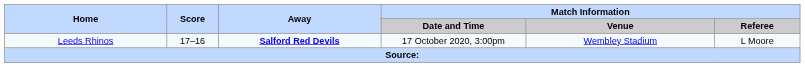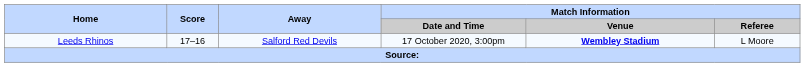 <table border=1 style="border-collapse:collapse; font-size:90%; text-align:center"; cellpadding=3 cellspacing=0 width=100%>
 <tr bgcolor="#c1d8ff">
 <th rowspan=2 width=19%>Home</th>
 <th rowspan=2 width=6%>Score</th>
 <th rowspan=2 width=19%>Away</th>
 <th colspan=6>Match Information</th>
 </tr>
 <tr bgcolor="#cccccc">
 <th width=17%>Date and Time</th>
 <th width=22%>Venue</th>
 <th width=10%>Referee</th>
 </tr>
 <tr bgcolor=#f5faff>
 <td> <a href='#'>Leeds Rhinos</a></td>
 <td>17–16</td>
-<td><strong> <a href='#'>Salford Red Devils</a></strong></td>
+<td> <a href='#'>Salford Red Devils</a></td>
 <td>17 October 2020, 3:00pm</td>
-<td><a href='#'>Wembley Stadium</a></td>
+<td><strong><a href='#'>Wembley Stadium</a></strong></td>
 <td>L Moore</td>
 </tr>
 <tr bgcolor=#c1d8ff>
 <th colspan=6>Source:</th>
 </tr>
 </table>
